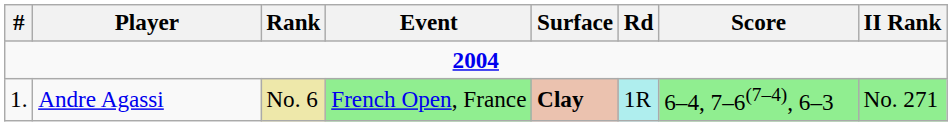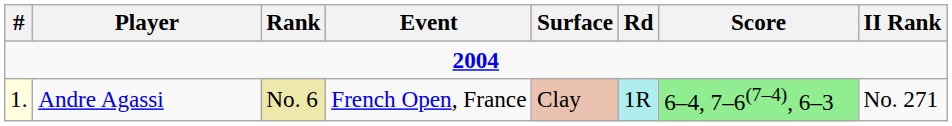 <table class="wikitable sortable nowrap">
 <tr>
 <th>#</th>
 <th width="150">Player</th>
 <th>Rank</th>
 <th>Event</th>
 <th>Surface</th>
 <th>Rd</th>
 <th width="130" class="unsortable">Score</th>
 <th>II Rank</th>
 </tr>
 <tr>
 <td colspan="8" style="text-align:center"><strong><a href='#'>2004</a></strong></td>
 </tr>
 <tr>
-<td>1.</td>
+<td style="background: lightyellow;">1.</td>
 <td> <a href='#'>Andre Agassi</a></td>
 <td bgcolor="eee8aa">No. 6</td>
-<td style="background: lightgreen;"><a href='#'>French Open</a>, France</td>
-<td bgcolor="ebc2af"><strong>Clay</strong></td>
+<td><a href='#'>French Open</a>, France</td>
+<td bgcolor="ebc2af">Clay</td>
 <td bgcolor=afeeee>1R</td>
 <td style="background: lightgreen;">6–4, 7–6<sup>(7–4)</sup>, 6–3</td>
-<td style="background: lightgreen;">No. 271</td>
+<td>No. 271</td>
 </tr>
 </table>
